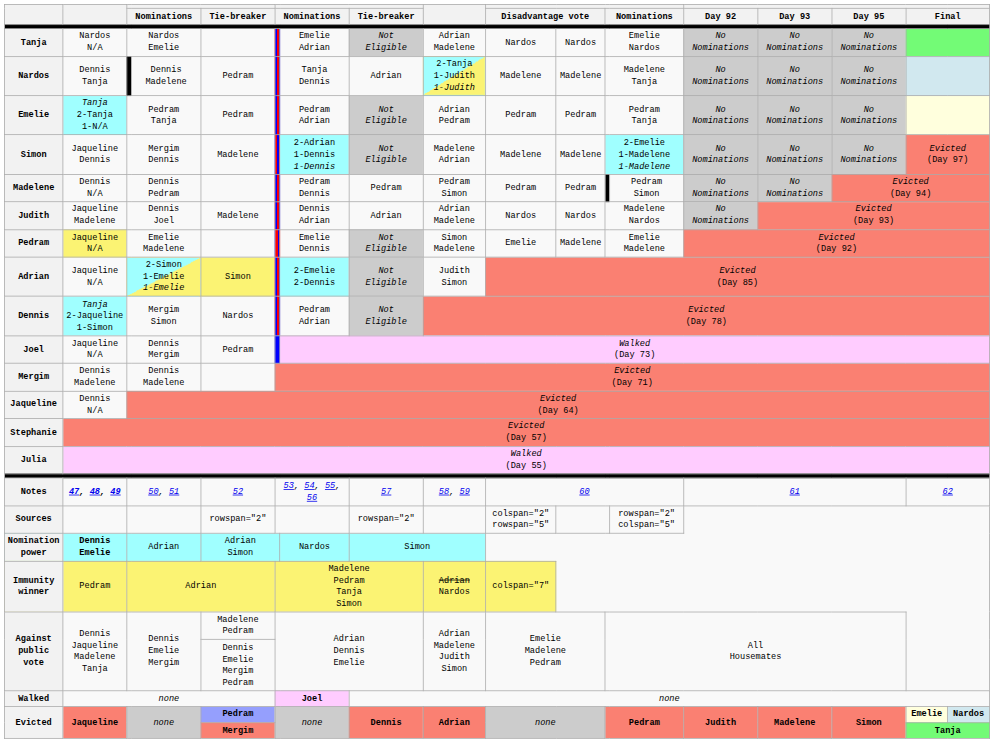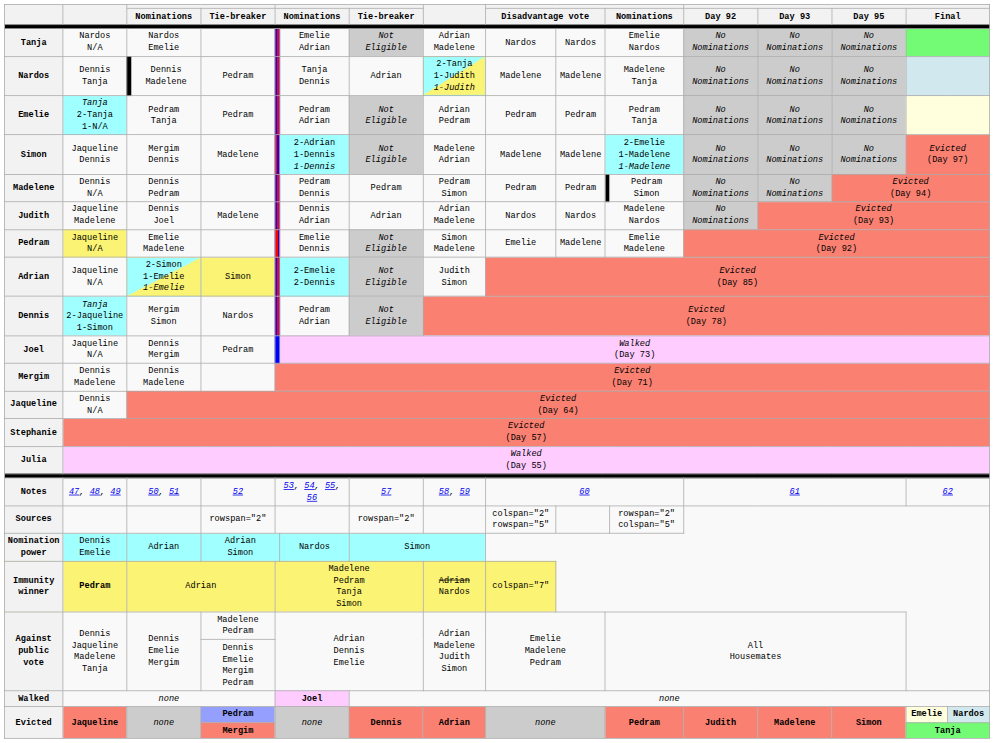 <table class="wikitable" style="text-align:center; width:100%; font-size:85%; line-height:15px">
 <tr>
 <th rowspan="2" style="width: 1%;"></th>
 <th rowspan="2" style="width: 5%;"></th>
 <th colspan="3" style="width: 10%;"></th>
 <th colspan="3" style="width: 10%;"></th>
 <th rowspan="2" style="width: 5%;"></th>
 <th colspan="4" style="width: 10%;"></th>
 <th colspan="5" style="width: 10%;"></th>
 </tr>
 <tr>
 <th colspan="2" style="width: 5%;">Nominations</th>
 <th style="width: 5%;">Tie-breaker</th>
 <th colspan="2" style="width: 5%;">Nominations</th>
 <th style="width: 5%;">Tie-breaker</th>
 <th colspan="2" style="width: 5%;">Disadvantage vote</th>
 <th colspan="2" style="width: 5%;">Nominations</th>
 <th style="width: 5%;">Day 92</th>
 <th style="width: 5%;">Day 93</th>
 <th style="width: 5%;">Day 95</th>
 <th colspan="2" style="width: 5%;">Final</th>
 </tr>
 <tr>
 <th colspan="18" style="background:#000;"></th>
 </tr>
 <tr>
 <th>Tanja</th>
 <td>Nardos<br>N/A</td>
 <td colspan="2">Nardos<br>Emelie</td>
 <td></td>
 <td style="background-image: linear-gradient(to right, blue 50%, red 50%); width:0.1%"></td>
 <td style="width:4.9%">Emelie<br>Adrian</td>
 <td style="background:#CCC;"><em>Not<br>Eligible</em></td>
 <td>Adrian<br>Madelene</td>
 <td>Nardos</td>
 <td>Nardos</td>
 <td colspan="2">Emelie<br>Nardos</td>
 <td style="background:#CCC"><em>No<br>Nominations</em></td>
 <td style="background:#CCC"><em>No<br>Nominations</em></td>
 <td style="background:#CCC"><em>No<br>Nominations</em></td>
 <td colspan="2" style="background:#73FB76"></td>
 </tr>
 <tr>
 <th>Nardos</th>
 <td>Dennis<br>Tanja</td>
 <td style="background:black; width:0.1%"><strong></strong></td>
 <td style="width:4.9%">Dennis<br>Madelene</td>
 <td>Pedram</td>
 <td style="background-image: linear-gradient(to right, blue 50%, red 50%); width:0.1%"></td>
 <td>Tanja<br>Dennis</td>
 <td>Adrian</td>
 <td style="background-image: linear-gradient(to right bottom, #A0FFFF 50%, #FBF373 50%);">2-Tanja<br>1-Judith<br><em>1-Judith</em></td>
 <td>Madelene</td>
 <td>Madelene</td>
 <td colspan="2">Madelene<br>Tanja</td>
 <td style="background:#CCC"><em>No<br>Nominations</em></td>
 <td style="background:#CCC"><em>No<br>Nominations</em></td>
 <td style="background:#CCC"><em>No<br>Nominations</em></td>
 <td colspan="2" style="background:#D1E8EF"></td>
 </tr>
 <tr>
 <th>Emelie</th>
 <td style="background:#A0FFFF;"><em>Tanja</em><br>2-Tanja<br>1-N/A</td>
 <td colspan="2">Pedram<br>Tanja</td>
 <td>Pedram</td>
 <td style="background-image: linear-gradient(to right, blue 50%, red 50%); width:0.1%"></td>
 <td>Pedram<br>Adrian</td>
 <td style="background:#CCC;"><em>Not<br>Eligible</em></td>
 <td>Adrian<br>Pedram</td>
 <td>Pedram</td>
 <td>Pedram</td>
 <td colspan="2">Pedram<br>Tanja</td>
 <td style="background:#CCC"><em>No<br>Nominations</em></td>
 <td style="background:#CCC"><em>No<br>Nominations</em></td>
 <td style="background:#CCC"><em>No<br>Nominations</em></td>
 <td colspan="2" style="background:#FFFFDD"></td>
 </tr>
 <tr>
 <th>Simon</th>
 <td>Jaqueline<br>Dennis</td>
 <td colspan="2">Mergim<br>Dennis</td>
 <td>Madelene</td>
 <td style="background-image: linear-gradient(to right, red 50%, blue 50%); width:0.1%"></td>
 <td style="background:#A0FFFF; width:4.9%">2-Adrian<br>1-Dennis<br><em>1-Dennis</em></td>
 <td style="background:#CCC;"><em>Not<br>Eligible</em></td>
 <td>Madelene<br>Adrian</td>
 <td>Madelene</td>
 <td>Madelene</td>
 <td colspan="2" style="background:#A0FFFF;">2-Emelie<br>1-Madelene<br><em>1-Madelene</em></td>
 <td style="background:#CCC"><em>No<br>Nominations</em></td>
 <td style="background:#CCC"><em>No<br>Nominations</em></td>
 <td style="background:#CCC"><em>No<br>Nominations</em></td>
 <td colspan="2" style="background:salmon;"><em>Evicted</em><br>(Day 97)</td>
 </tr>
 <tr>
 <th>Madelene</th>
 <td>Dennis<br>N/A</td>
 <td colspan="2">Dennis<br>Pedram</td>
 <td></td>
 <td style="background-image: linear-gradient(to right, blue 50%, red 50%); width:0.1%"></td>
 <td style="width:4.9%">Pedram<br>Dennis</td>
 <td>Pedram</td>
 <td>Pedram<br>Simon</td>
 <td>Pedram</td>
 <td>Pedram</td>
 <td style="background:black; width:0.1%"><strong></strong></td>
 <td style="width:4.9%">Pedram<br>Simon</td>
 <td style="background:#CCC"><em>No<br>Nominations</em></td>
 <td style="background:#CCC"><em>No<br>Nominations</em></td>
 <td colspan="3" style="background:salmon;"><em>Evicted</em><br>(Day 94)</td>
 </tr>
 <tr>
 <th>Judith</th>
 <td>Jaqueline<br>Madelene</td>
 <td colspan="2">Dennis<br>Joel</td>
 <td>Madelene</td>
 <td style="background-image: linear-gradient(to right, blue 50%, red 50%); width:0.1%"></td>
 <td>Dennis<br>Adrian</td>
 <td>Adrian</td>
 <td>Adrian<br>Madelene</td>
 <td>Nardos</td>
 <td>Nardos</td>
 <td colspan="2">Madelene<br>Nardos</td>
 <td style="background:#CCC"><em>No<br>Nominations</em></td>
 <td colspan="4" style="background:salmon;"><em>Evicted</em><br>(Day 93)</td>
 </tr>
 <tr>
 <th>Pedram</th>
 <td style="background:#FBF373;">Jaqueline<br>N/A</td>
 <td colspan="2">Emelie<br>Madelene</td>
 <td></td>
 <td style="background-image: linear-gradient(to right, red 70%, blue 30%); width:0.1%"></td>
 <td style="width:4.9%">Emelie<br>Dennis</td>
 <td style="background:#CCC;"><em>Not<br>Eligible</em></td>
 <td>Simon<br>Madelene</td>
 <td>Emelie</td>
 <td>Madelene</td>
 <td colspan="2">Emelie<br>Madelene</td>
 <td colspan="5" style="background:salmon;"><em>Evicted</em><br>(Day 92)</td>
 </tr>
 <tr>
 <th>Adrian</th>
 <td>Jaqueline<br>N/A</td>
 <td colspan="2" style="background-image: linear-gradient(to right bottom, #A0FFFF 50%, #FBF373 50%);">2-Simon<br>1-Emelie<br><em>1-Emelie</em></td>
 <td style="background:#FBF373;">Simon</td>
 <td style="background-image: linear-gradient(to right, blue 50%, red 50%); width:0.1%"></td>
 <td style="background:#A0FFFF; width:4.9%">2-Emelie<br>2-Dennis</td>
 <td style="background:#CCC;"><em>Not<br>Eligible</em></td>
 <td>Judith<br>Simon</td>
 <td colspan="9" style="background:salmon;"><em>Evicted</em><br>(Day 85)</td>
 </tr>
 <tr>
 <th>Dennis</th>
 <td style="background:#A0FFFF;"><em>Tanja</em><br>2-Jaqueline<br>1-Simon</td>
 <td colspan="2">Mergim<br>Simon</td>
 <td>Nardos</td>
 <td style="background-image: linear-gradient(to right, blue 50%, red 50%); width:0.1%"></td>
 <td>Pedram<br>Adrian</td>
 <td style="background:#CCC;"><em>Not<br>Eligible</em></td>
 <td colspan="10" style="background:salmon;"><em>Evicted</em><br>(Day 78)</td>
 </tr>
 <tr>
 <th>Joel</th>
 <td>Jaqueline<br>N/A</td>
 <td colspan="2">Dennis<br>Mergim</td>
 <td>Pedram</td>
 <td style="background:blue; width:0.1%"></td>
 <td colspan="12" style="background:#fcf;"><em>Walked</em><br>(Day 73)</td>
 </tr>
 <tr>
 <th>Mergim</th>
 <td>Dennis<br>Madelene</td>
 <td colspan="2">Dennis<br>Madelene</td>
 <td></td>
 <td colspan="13" style="background:salmon;"><em>Evicted</em><br>(Day 71)</td>
 </tr>
 <tr>
 <th>Jaqueline</th>
 <td>Dennis<br>N/A</td>
 <td colspan="16" style="background:salmon;"><em>Evicted</em><br>(Day 64)</td>
 </tr>
 <tr>
 <th>Stephanie</th>
 <td colspan="17" style="background:salmon;"><em>Evicted</em><br>(Day 57)</td>
 </tr>
 <tr>
 <th>Julia</th>
 <td colspan="17" style="background:#fcf;"><em>Walked</em><br>(Day 55)</td>
 </tr>
 <tr>
 <th colspan="18" style="background:#000;"></th>
 </tr>
 <tr>
 <th>Notes</th>
-<td><strong><em><a href='#'>47</a>, <a href='#'>48</a>, <a href='#'>49</a></em></strong></td>
+<td><em><a href='#'>47</a>, <a href='#'>48</a>, <a href='#'>49</a></em></td>
 <td colspan="2"><em><a href='#'>50</a>, <a href='#'>51</a></em></td>
 <td><em><a href='#'>52</a></em></td>
 <td colspan="2"><em><a href='#'>53</a>, <a href='#'>54</a>, <a href='#'>55</a>, <a href='#'>56</a></em></td>
 <td><em><a href='#'>57</a></em></td>
 <td><em><a href='#'>58</a>, <a href='#'>59</a></em></td>
 <td colspan="4"><em><a href='#'>60</a></em></td>
 <td colspan="3"><em><a href='#'>61</a></em></td>
 <td colspan="2"><em><a href='#'>62</a></em></td>
 </tr>
 <tr>
 <th>Sources</th>
 <td></td>
 <td colspan="2"></td>
 <td>rowspan="2" </td>
 <td colspan="2"></td>
 <td>rowspan="2" </td>
 <td></td>
 <td>colspan="2" rowspan="5" </td>
 <td colspan="2"></td>
 <td>rowspan="2" colspan="5" </td>
 </tr>
 <tr style="background:#A0FFFF;" |>
 <th>Nomination<br>power</th>
-<td><strong>Dennis<br>Emelie</strong></td>
+<td>Dennis<br>Emelie</td>
 <td colspan="2">Adrian</td>
 <td colspan="2">Adrian<br>Simon</td>
 <td>Nardos</td>
 <td colspan="2">Simon</td>
 </tr>
 <tr style="background:#FBF373;" |>
 <th>Immunity<br>winner</th>
-<td>Pedram</td>
+<td><strong>Pedram</strong></td>
 <td colspan="3">Adrian</td>
 <td colspan="3">Madelene<br>Pedram<br>Tanja<br>Simon</td>
 <td><s>Adrian</s><br>Nardos</td>
 <td>colspan="7" </td>
 </tr>
 <tr>
 <th rowspan="2">Against<br>public vote</th>
 <td rowspan="2">Dennis<br>Jaqueline<br>Madelene<br>Tanja</td>
 <td colspan="2" rowspan="2">Dennis<br>Emelie<br>Mergim</td>
 <td>Madelene<br>Pedram</td>
 <td colspan="3" rowspan="2">Adrian<br>Dennis<br>Emelie</td>
 <td rowspan="2">Adrian<br>Madelene<br>Judith<br>Simon</td>
 <td colspan="2" rowspan="2">Emelie<br>Madelene<br>Pedram</td>
 <td colspan="5" rowspan="2">All<br>Housemates</td>
 </tr>
 <tr>
 <td>Dennis<br>Emelie<br>Mergim<br>Pedram</td>
 </tr>
 <tr>
 <th>Walked</th>
 <td colspan="4"><em>none</em></td>
 <td colspan="2" style="background:#FCF"><strong>Joel</strong></td>
 <td colspan="11"><em>none</em></td>
 </tr>
 <tr>
 <th rowspan="2">Evicted</th>
 <td rowspan="2" style="background:salmon;"><strong>Jaqueline</strong><br></td>
 <td colspan="2" rowspan="2" style="background:#ccc;"><em>none</em></td>
 <td style="background:#959FFD;"><strong>Pedram</strong><br></td>
 <td colspan="2" rowspan="2" style="background:#ccc;"><em>none</em></td>
 <td rowspan="2" style="background:salmon;"><strong>Dennis</strong><br></td>
 <td rowspan="2" style="background:salmon;"><strong>Adrian</strong><br></td>
 <td colspan="2" rowspan="2" style="background:#ccc;"><em>none</em></td>
 <td colspan="2" rowspan="2" style="background:salmon;"><strong>Pedram</strong><br></td>
 <td rowspan="2" style="background:salmon;"><strong>Judith</strong><br></td>
 <td rowspan="2" style="background:salmon;"><strong>Madelene</strong><br></td>
 <td rowspan="2" style="background:salmon;"><strong>Simon</strong><br></td>
 <td style="background:#FFFFDD;"><strong>Emelie</strong><br></td>
 <td style="background:#D1E8EF;"><strong>Nardos</strong><br></td>
 </tr>
 <tr>
 <td style="background:salmon;"><strong>Mergim</strong><br></td>
 <td colspan="2" style="background:#73FB76;"><strong>Tanja</strong><br></td>
 </tr>
 </table>
